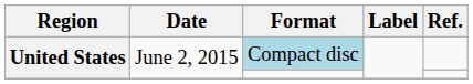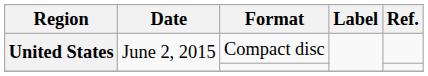 <table class="wikitable plainrowheaders">
 <tr>
 <th scope="col">Region</th>
 <th scope="col">Date</th>
 <th scope="col">Format</th>
 <th scope="col">Label</th>
 <th scope="col">Ref.</th>
 </tr>
 <tr>
 <th scope="row" rowspan="2">United States</th>
 <td rowspan="2">June 2, 2015</td>
-<td style="background: lightblue;">Compact disc</td>
+<td>Compact disc</td>
 <td rowspan="2"></td>
 <td></td>
 </tr>
 <tr>
 <td></td>
 <td></td>
 </tr>
 <tr>
 </tr>
 </table>
